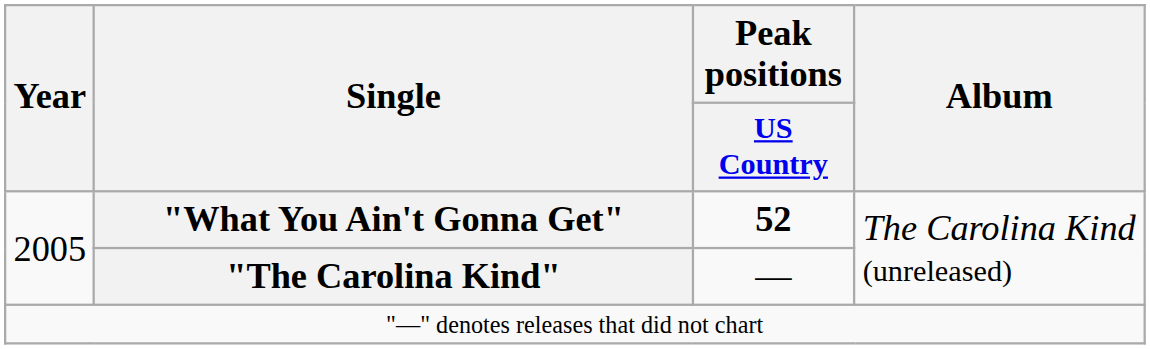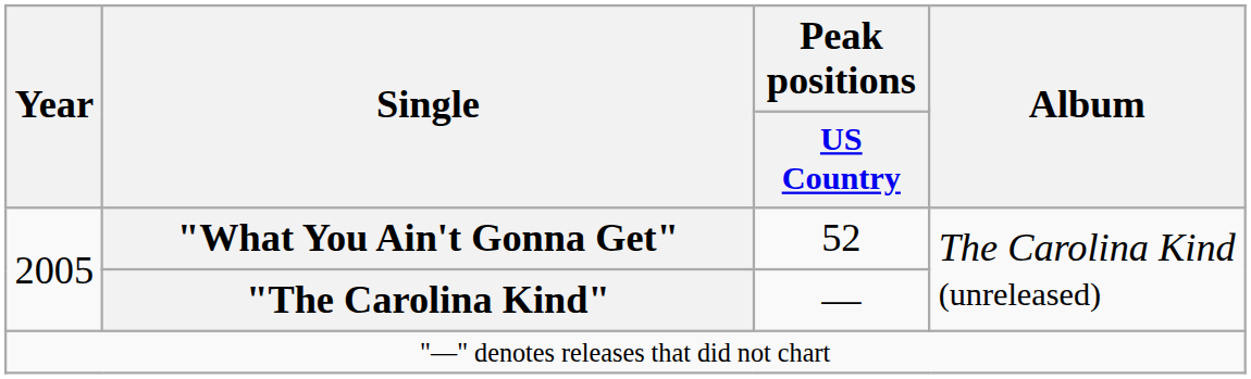 <table class="wikitable plainrowheaders" style="text-align:center;">
 <tr>
 <th rowspan="2">Year</th>
 <th rowspan="2" style="width:16em;">Single</th>
 <th>Peak positions</th>
 <th rowspan="2">Album</th>
 </tr>
 <tr style="font-size:smaller;">
 <th style="width:65px;"><a href='#'>US Country</a></th>
 </tr>
 <tr>
 <td rowspan="2">2005</td>
 <th scope="row">"What You Ain't Gonna Get"</th>
-<td><strong>52</strong></td>
+<td>52</td>
 <td style="text-align:left;" rowspan="2"><em>The Carolina Kind</em><br><small>(unreleased)</small></td>
 </tr>
 <tr>
 <th scope="row">"The Carolina Kind"</th>
 <td>—</td>
 </tr>
 <tr>
 <td colspan="4" style="font-size:8pt">"—" denotes releases that did not chart</td>
 </tr>
 </table>
